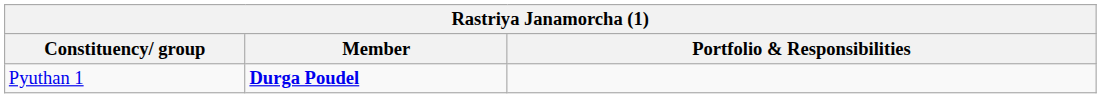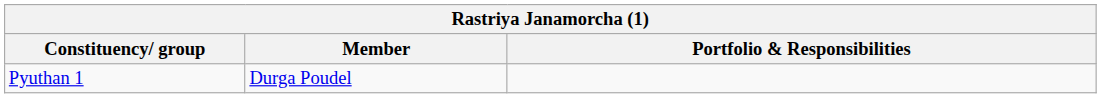 <table class="wikitable">
 <tr>
 <th colspan="3" style="width: 700pt; background:">Rastriya Janamorcha (1)</th>
 </tr>
 <tr>
 <th style="width:150pt;">Constituency/ group</th>
 <th>Member</th>
 <th style="width:375pt;">Portfolio & Responsibilities</th>
 </tr>
 <tr>
 <td><a href='#'>Pyuthan 1</a></td>
-<td><strong><a href='#'>Durga Poudel</a></strong></td>
+<td><a href='#'>Durga Poudel</a></td>
 <td></td>
 </tr>
 </table>
